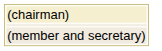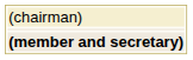 <table style="border: 1px solid #BEB168;background-color:#FDFCF6;">
 <tr>
 <td colspan="2" style="background-color:#F5EFD0;"> (chairman)</td>
 </tr>
 <tr style="background-color:#F0EADF;">
 <td></td>
 </tr>
 <tr style="background-color:#F0EADF;">
-<td> (member and secretary)</td>
+<td><strong> (member and secretary)</strong></td>
 </tr>
 </table>
